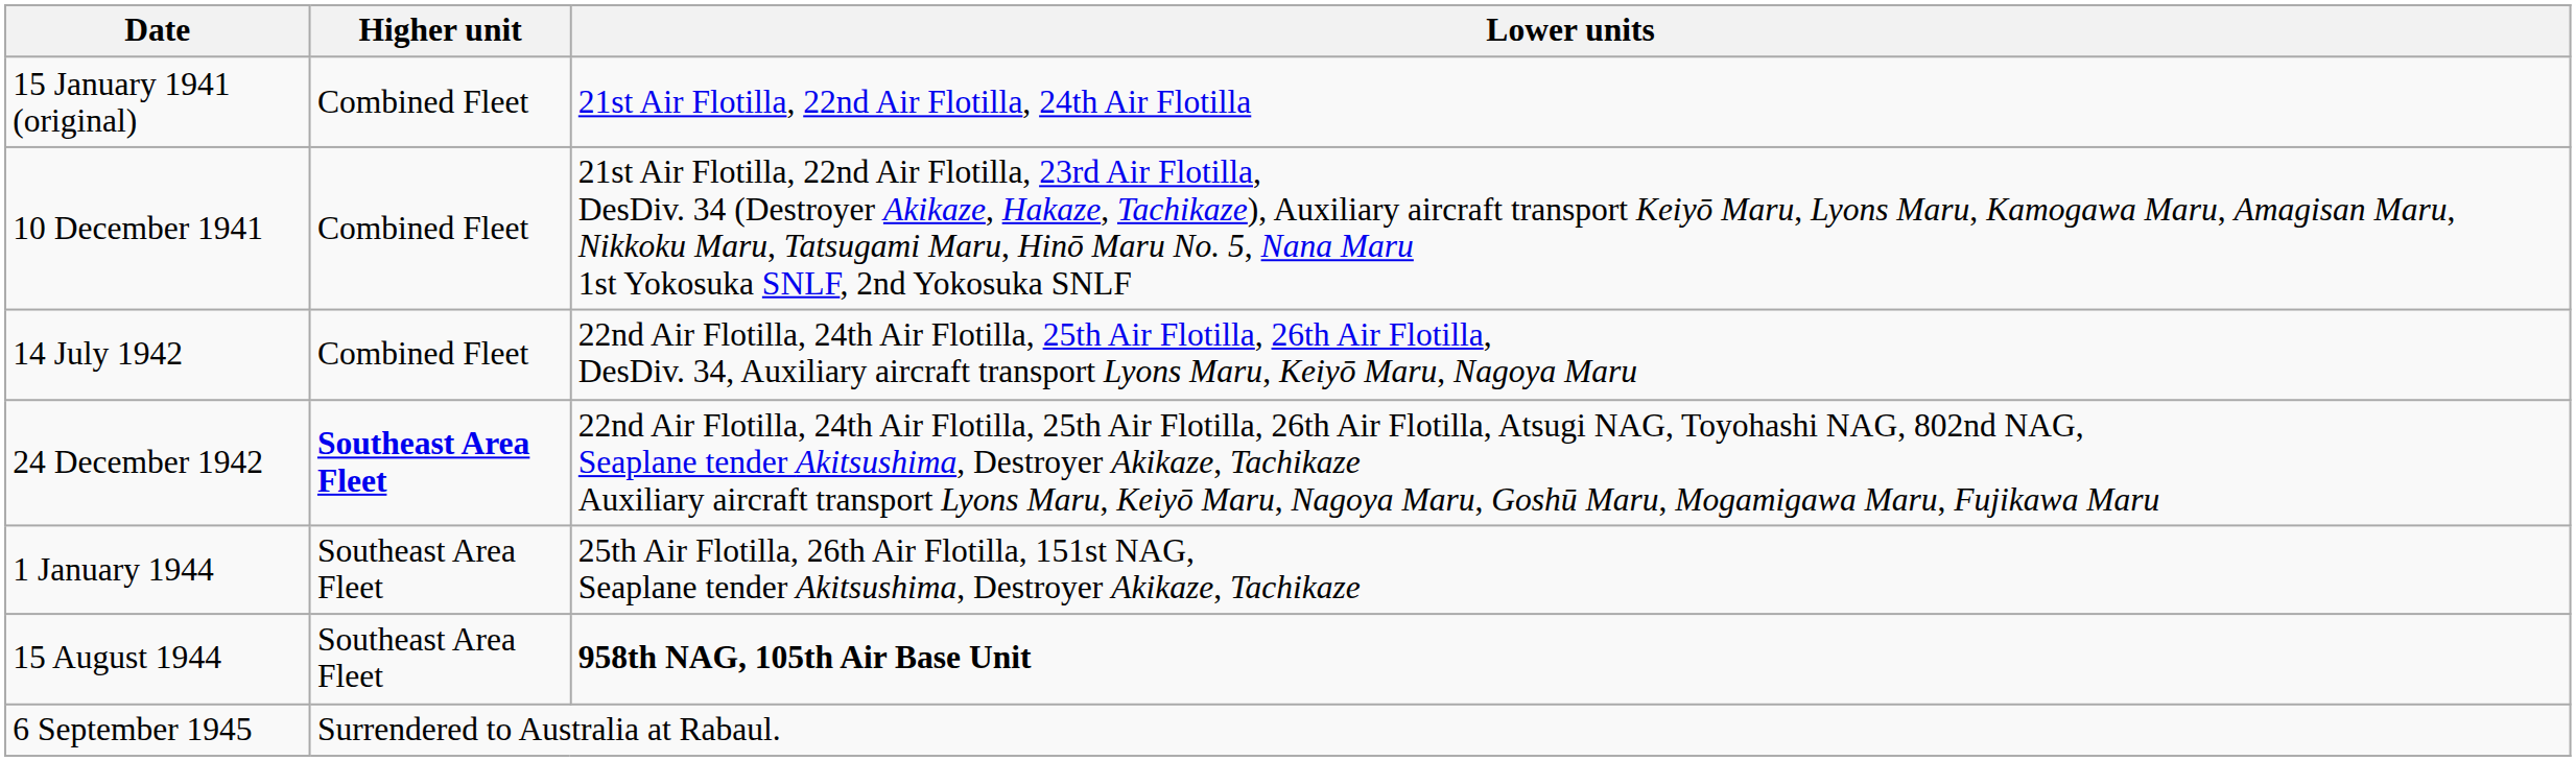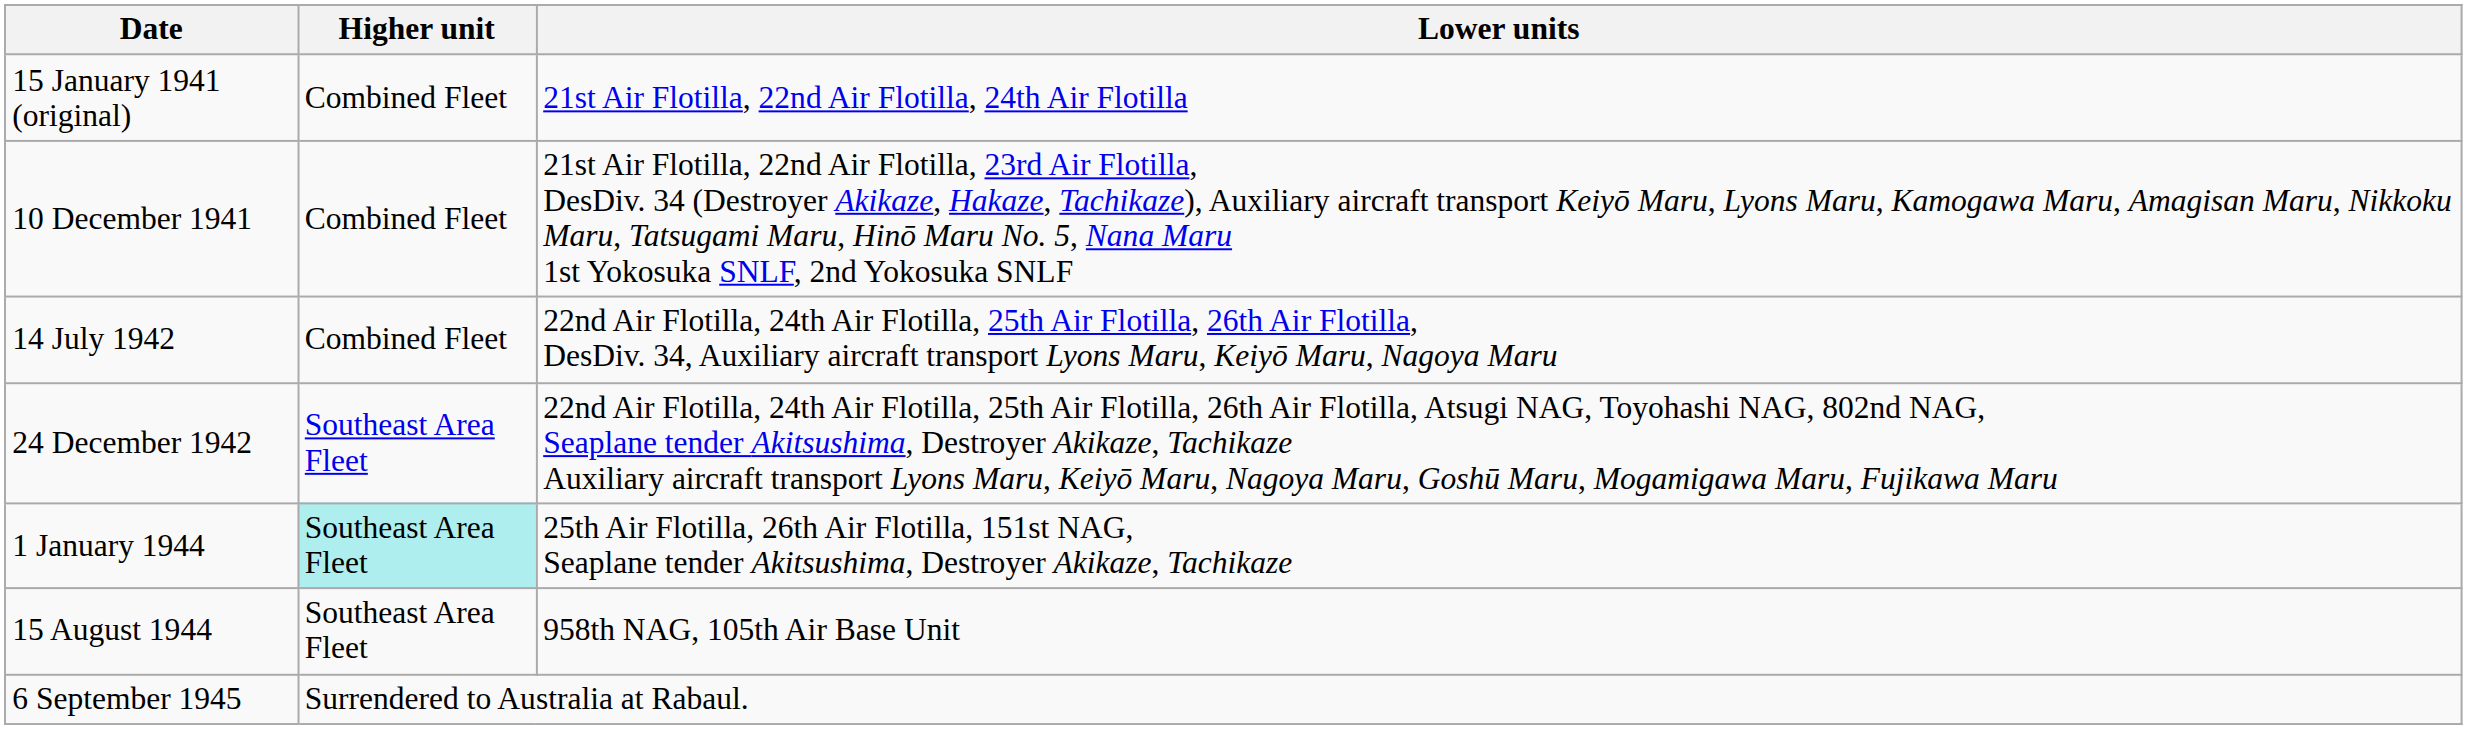 <table class="wikitable">
 <tr>
 <th>Date</th>
 <th>Higher unit</th>
 <th>Lower units</th>
 </tr>
 <tr>
 <td>15 January 1941 (original)</td>
 <td>Combined Fleet</td>
 <td><a href='#'>21st Air Flotilla</a>, <a href='#'>22nd Air Flotilla</a>, <a href='#'>24th Air Flotilla</a></td>
 </tr>
 <tr>
 <td>10 December 1941</td>
 <td>Combined Fleet</td>
 <td>21st Air Flotilla, 22nd Air Flotilla, <a href='#'>23rd Air Flotilla</a>,<br>DesDiv. 34 (Destroyer <a href='#'><em>Akikaze</em></a>, <a href='#'><em>Hakaze</em></a>, <a href='#'><em>Tachikaze</em></a>), Auxiliary aircraft transport <em>Keiyō Maru</em>, <em>Lyons Maru</em>, <em>Kamogawa Maru</em>, <em>Amagisan Maru</em>, <em>Nikkoku Maru</em>, <em>Tatsugami Maru</em>, <em>Hinō Maru No. 5</em>, <em><a href='#'>Nana Maru</a></em> <br>1st Yokosuka <a href='#'>SNLF</a>, 2nd Yokosuka SNLF</td>
 </tr>
 <tr>
 <td>14 July 1942</td>
 <td>Combined Fleet</td>
 <td>22nd Air Flotilla, 24th Air Flotilla, <a href='#'>25th Air Flotilla</a>, <a href='#'>26th Air Flotilla</a>,<br>DesDiv. 34, Auxiliary aircraft transport <em>Lyons Maru</em>, <em>Keiyō Maru</em>, <em>Nagoya Maru</em></td>
 </tr>
 <tr>
 <td>24 December 1942</td>
-<td><strong><a href='#'>Southeast Area Fleet</a></strong></td>
+<td><a href='#'>Southeast Area Fleet</a></td>
 <td>22nd Air Flotilla, 24th Air Flotilla, 25th Air Flotilla, 26th Air Flotilla, Atsugi NAG, Toyohashi NAG, 802nd NAG,<br><a href='#'>Seaplane tender <em>Akitsushima</em></a>, Destroyer <em>Akikaze</em>, <em>Tachikaze</em><br>Auxiliary aircraft transport <em>Lyons Maru</em>, <em>Keiyō Maru</em>, <em>Nagoya Maru</em>, <em>Goshū Maru</em>, <em>Mogamigawa Maru</em>, <em>Fujikawa Maru</em></td>
 </tr>
 <tr>
 <td>1 January 1944</td>
-<td>Southeast Area Fleet</td>
+<td style="background: paleturquoise;">Southeast Area Fleet</td>
 <td>25th Air Flotilla, 26th Air Flotilla, 151st NAG,<br>Seaplane tender <em>Akitsushima</em>, Destroyer <em>Akikaze</em>, <em>Tachikaze</em></td>
 </tr>
 <tr>
 <td>15 August 1944</td>
 <td>Southeast Area Fleet</td>
-<td><strong>958th NAG, 105th Air Base Unit</strong></td>
+<td>958th NAG, 105th Air Base Unit</td>
 </tr>
 <tr>
 <td>6 September 1945</td>
 <td colspan="3">Surrendered to Australia at Rabaul.</td>
 </tr>
 </table>
